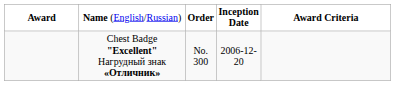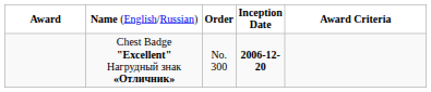 <table class="wikitable sortable" width="100%">
 <tr>
 <td width="20%" bgcolor="#FFFFFF" style="text-align:center;"><strong>Award</strong></td>
 <td width="28%" bgcolor="#FFFFFF" style="text-align:center;"><strong>Name</strong> (<a href='#'>English</a>/<a href='#'>Russian</a>)</td>
 <td width="07%" bgcolor="#FFFFFF" style="text-align:center;"><strong>Order</strong></td>
 <td width="10%" bgcolor="#FFFFFF" style="text-align:center;"><strong>Inception Date</strong></td>
 <td width="35%" bgcolor="#FFFFFF" style="text-align:center;"><strong>Award Criteria</strong></td>
 </tr>
 <tr>
 <td></td>
 <td style="text-align:center;">Chest Badge<br><strong>"Excellent"</strong><br>Нагрудный знак<br><strong>«Отличник»</strong></td>
 <td style="text-align:center;">No. 300</td>
-<td style="text-align:center;">2006-12-20</td>
+<td style="text-align:center;"><strong>2006-12-20</strong></td>
 <td style="text-align:center;"></td>
 </tr>
 </table>
